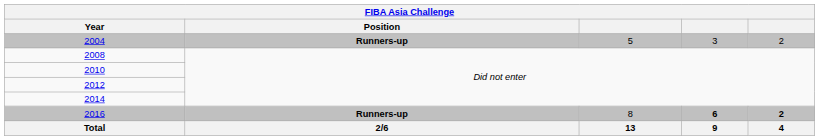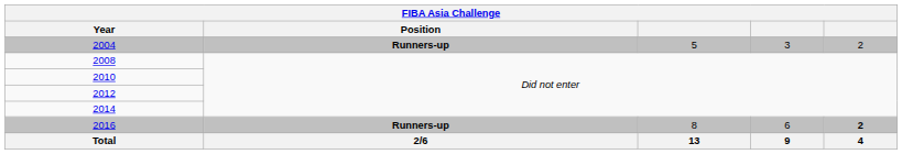 <table class="wikitable" width=80% style="text-align: center;font-size:90%;">
 <tr>
 <th colspan=5><a href='#'>FIBA Asia Challenge</a></th>
 </tr>
 <tr>
 <th>Year</th>
 <th>Position</th>
 <th></th>
 <th></th>
 <th></th>
 </tr>
 <tr bgcolor=silver>
 <td> <a href='#'>2004</a></td>
 <td><strong>Runners-up</strong></td>
 <td>5</td>
 <td>3</td>
 <td>2</td>
 </tr>
 <tr>
 <td> <a href='#'>2008</a></td>
 <td colspan=5 rowspan=4><em>Did not enter</em></td>
 </tr>
 <tr>
 <td> <a href='#'>2010</a></td>
 </tr>
 <tr>
 <td> <a href='#'>2012</a></td>
 </tr>
 <tr>
 <td> <a href='#'>2014</a></td>
 </tr>
 <tr bgcolor=silver>
 <td> <a href='#'>2016</a></td>
 <td><strong>Runners-up</strong></td>
 <td>8</td>
-<td><strong>6</strong></td>
+<td>6</td>
 <td><strong>2</strong></td>
 </tr>
 <tr>
 <th>Total</th>
 <th>2/6</th>
 <th>13</th>
 <th>9</th>
 <th>4</th>
 </tr>
 </table>
